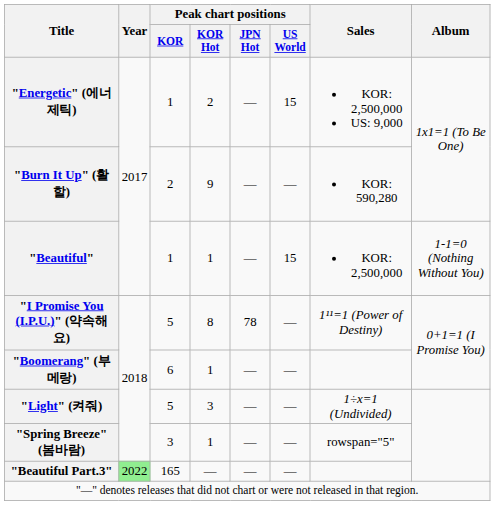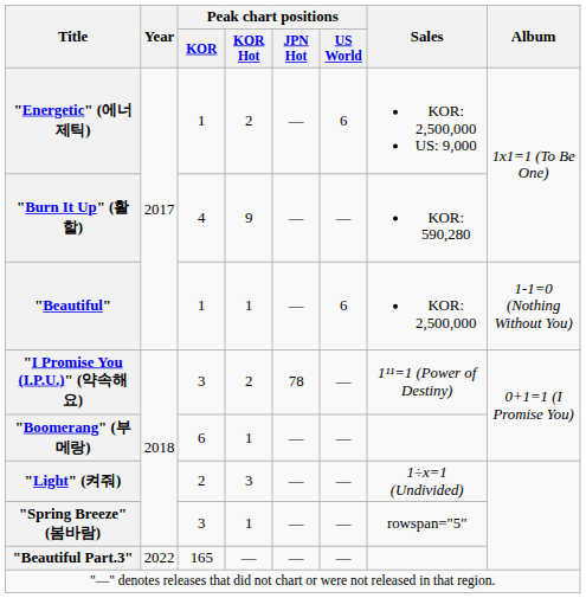 <table class="wikitable plainrowheaders" style="text-align:center;">
 <tr>
 <th scope="col" rowspan="2">Title</th>
 <th scope="col" rowspan="2">Year</th>
 <th scope="col" colspan="4">Peak chart positions</th>
 <th scope="col" rowspan="2">Sales</th>
 <th scope="col" rowspan="2">Album</th>
 </tr>
 <tr>
 <th scope="col" style="width:3em;font-size:90%"><a href='#'>KOR</a><br></th>
 <th scope="col" style="width:3em;font-size:90%"><a href='#'>KOR<br>Hot</a><br></th>
 <th scope="col" style="width:3em;font-size:90%;"><a href='#'>JPN<br>Hot</a><br></th>
 <th scope="col"  style="width:3em;font-size:90%;"><a href='#'>US<br>World</a><br></th>
 </tr>
 <tr>
 <th scope="row">"<a href='#'>Energetic</a>" (에너제틱)</th>
 <td rowspan="3">2017</td>
 <td>1</td>
 <td>2</td>
 <td>—</td>
-<td>15</td>
+<td>6</td>
 <td><br><ul><li>KOR: 2,500,000</li><li>US: 9,000</li></ul></td>
 <td rowspan="2"><em>1x1=1 (To Be One)</em></td>
 </tr>
 <tr>
 <th scope="row">"<a href='#'>Burn It Up</a>" (활할)</th>
-<td>2</td>
+<td>4</td>
 <td>9</td>
 <td>—</td>
 <td>—</td>
 <td><br><ul><li>KOR: 590,280</li></ul></td>
 </tr>
 <tr>
 <th scope="row">"<a href='#'>Beautiful</a>"</th>
 <td>1</td>
 <td>1</td>
 <td>—</td>
-<td>15</td>
+<td>6</td>
 <td><br><ul><li>KOR: 2,500,000</li></ul></td>
 <td><em>1-1=0 (Nothing Without You)</em></td>
 </tr>
 <tr>
 <th scope="row">"<a href='#'>I Promise You (I.P.U.)</a>" (약속해요)</th>
 <td rowspan="4">2018</td>
-<td>5</td>
-<td>8</td>
+<td>3</td>
+<td>2</td>
 <td>78</td>
 <td>—</td>
 <td><em>1¹¹=1 (Power of Destiny)</em></td>
 <td rowspan="2"><em>0+1=1 (I Promise You)</em></td>
 </tr>
 <tr>
 <th scope="row">"<a href='#'>Boomerang</a>" (부메랑)</th>
 <td>6</td>
 <td>1</td>
 <td>—</td>
 <td>—</td>
 </tr>
 <tr>
 <th scope="row">"<a href='#'>Light</a>" (켜줘)</th>
-<td>5</td>
+<td>2</td>
 <td>3</td>
 <td>—</td>
 <td>—</td>
 <td><em>1÷x=1 (Undivided)</em></td>
 </tr>
 <tr>
 <th scope="row">"Spring Breeze" (봄바람)</th>
 <td>3</td>
 <td>1</td>
 <td>—</td>
 <td>—</td>
 <td>rowspan="5" </td>
 </tr>
 <tr>
 <th scope="row">"Beautiful Part.3"</th>
-<td style="background: lightgreen;">2022</td>
+<td>2022</td>
 <td>165</td>
 <td>—</td>
 <td>—</td>
 <td>—</td>
 <td></td>
 </tr>
 <tr>
 <td colspan="9" style="font-size:90%">"—" denotes releases that did not chart or were not released in that region.</td>
 </tr>
 </table>
